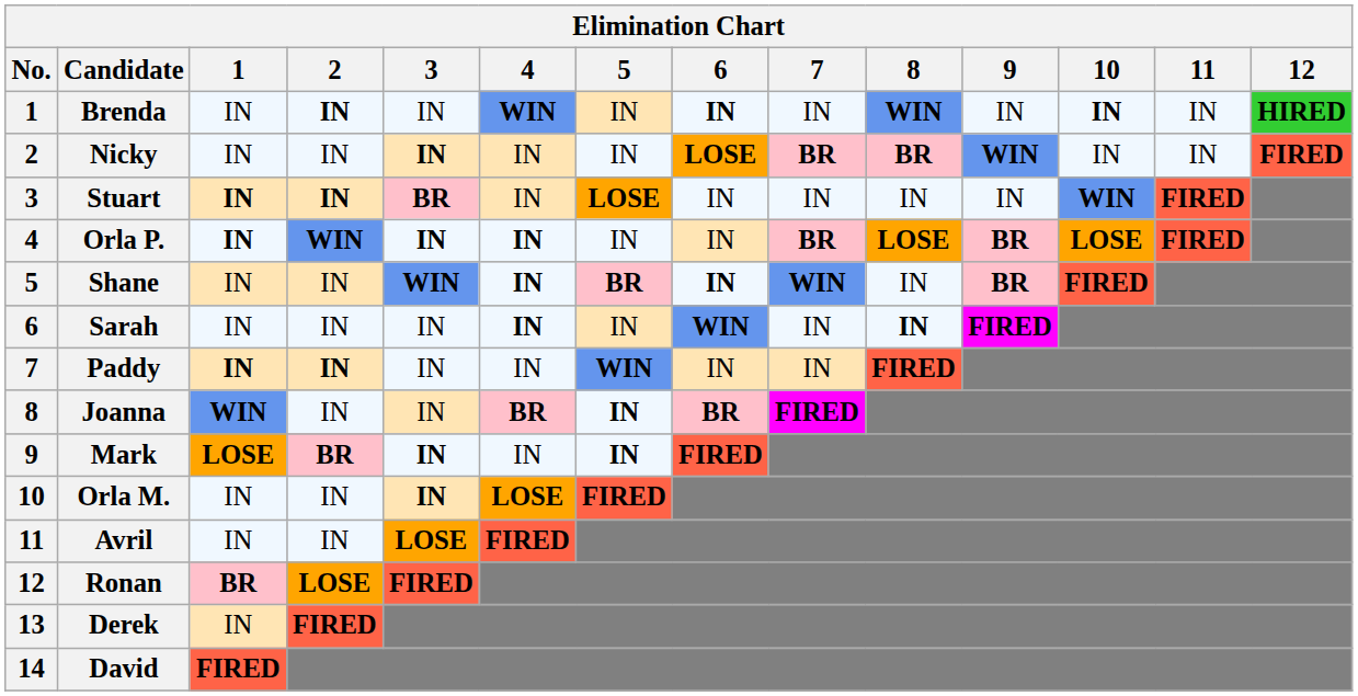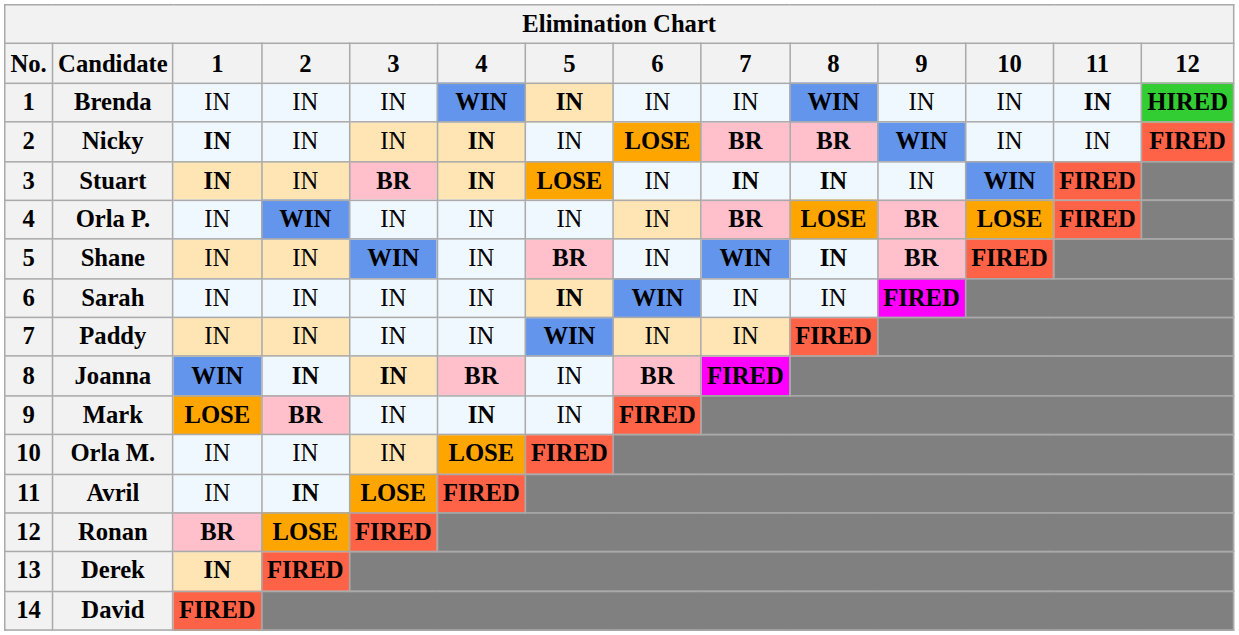 <table class="wikitable" style="text-align:center">
 <tr>
 <th colspan="14">Elimination Chart</th>
 </tr>
 <tr>
 <th>No.</th>
 <th>Candidate</th>
 <th>1</th>
 <th>2</th>
 <th>3</th>
 <th>4</th>
 <th>5</th>
 <th>6</th>
 <th>7</th>
 <th>8</th>
 <th>9</th>
 <th>10</th>
 <th>11</th>
 <th>12</th>
 </tr>
 <tr>
 <th>1</th>
 <th>Brenda</th>
 <td style="background:#f0f8ff;">IN</td>
-<td style="background:#f0f8ff;"><strong>IN</strong></td>
+<td style="background:#f0f8ff;">IN</td>
 <td style="background:#f0f8ff;">IN</td>
 <td style="background:cornflowerblue;"><strong>WIN</strong></td>
-<td style="background:#ffe5b4;">IN</td>
-<td style="background:#f0f8ff;"><strong>IN</strong></td>
+<td style="background:#ffe5b4;"><strong>IN</strong></td>
+<td style="background:#f0f8ff;">IN</td>
 <td style="background:#f0f8ff;">IN</td>
 <td style="background:cornflowerblue;"><strong>WIN</strong></td>
 <td style="background:#f0f8ff;">IN</td>
+<td style="background:#f0f8ff;">IN</td>
 <td style="background:#f0f8ff;"><strong>IN</strong></td>
-<td style="background:#f0f8ff;">IN</td>
 <td style="background:limegreen;"><strong>HIRED</strong></td>
 </tr>
 <tr>
 <th>2</th>
 <th>Nicky</th>
+<td style="background:#f0f8ff;"><strong>IN</strong></td>
 <td style="background:#f0f8ff;">IN</td>
-<td style="background:#f0f8ff;">IN</td>
+<td style="background:#ffe5b4;">IN</td>
 <td style="background:#ffe5b4;"><strong>IN</strong></td>
-<td style="background:#ffe5b4;">IN</td>
 <td style="background:#f0f8ff;">IN</td>
 <td style="background:orange;"><strong>LOSE</strong></td>
 <td style="background:pink;"><strong>BR</strong></td>
 <td style="background:pink;"><strong>BR</strong></td>
 <td style="background:cornflowerblue;"><strong>WIN</strong></td>
 <td style="background:#f0f8ff;">IN</td>
 <td style="background:#f0f8ff;">IN</td>
 <td style="background:tomato;"><strong>FIRED</strong></td>
 </tr>
 <tr>
 <th>3</th>
 <th>Stuart</th>
 <td style="background:#ffe5b4;"><strong>IN</strong></td>
+<td style="background:#ffe5b4;">IN</td>
+<td style="background:pink;"><strong>BR</strong></td>
 <td style="background:#ffe5b4;"><strong>IN</strong></td>
-<td style="background:pink;"><strong>BR</strong></td>
-<td style="background:#ffe5b4;">IN</td>
 <td style="background:orange;"><strong>LOSE</strong></td>
 <td style="background:#f0f8ff;">IN</td>
-<td style="background:#f0f8ff;">IN</td>
-<td style="background:#f0f8ff;">IN</td>
+<td style="background:#f0f8ff;"><strong>IN</strong></td>
+<td style="background:#f0f8ff;"><strong>IN</strong></td>
 <td style="background:#f0f8ff;">IN</td>
 <td style="background:cornflowerblue;"><strong>WIN</strong></td>
 <td style="background:tomato;"><strong>FIRED</strong></td>
 <td colspan="9" style="background:gray;"></td>
 </tr>
 <tr>
 <th>4</th>
 <th>Orla P.</th>
-<td style="background:#f0f8ff;"><strong>IN</strong></td>
+<td style="background:#f0f8ff;">IN</td>
 <td style="background:cornflowerblue;"><strong>WIN</strong></td>
-<td style="background:#f0f8ff;"><strong>IN</strong></td>
-<td style="background:#f0f8ff;"><strong>IN</strong></td>
+<td style="background:#f0f8ff;">IN</td>
+<td style="background:#f0f8ff;">IN</td>
 <td style="background:#f0f8ff;">IN</td>
 <td style="background:#ffe5b4;">IN</td>
 <td style="background:pink;"><strong>BR</strong></td>
 <td style="background:orange;"><strong>LOSE</strong></td>
 <td style="background:pink;"><strong>BR</strong></td>
 <td style="background:orange;"><strong>LOSE</strong></td>
 <td style="background:tomato;"><strong>FIRED</strong></td>
 <td colspan="9" style="background:gray;"></td>
 </tr>
 <tr>
 <th>5</th>
 <th>Shane</th>
 <td style="background:#ffe5b4;">IN</td>
 <td style="background:#ffe5b4;">IN</td>
 <td style="background:cornflowerblue;"><strong>WIN</strong></td>
+<td style="background:#f0f8ff;">IN</td>
+<td style="background:pink;"><strong>BR</strong></td>
+<td style="background:#f0f8ff;">IN</td>
+<td style="background:cornflowerblue;"><strong>WIN</strong></td>
 <td style="background:#f0f8ff;"><strong>IN</strong></td>
-<td style="background:pink;"><strong>BR</strong></td>
-<td style="background:#f0f8ff;"><strong>IN</strong></td>
-<td style="background:cornflowerblue;"><strong>WIN</strong></td>
-<td style="background:#f0f8ff;">IN</td>
 <td style="background:pink;"><strong>BR</strong></td>
 <td style="background:tomato;"><strong>FIRED</strong></td>
 <td colspan="9" style="background:gray;"></td>
 </tr>
 <tr>
 <th>6</th>
 <th>Sarah</th>
 <td style="background:#f0f8ff;">IN</td>
 <td style="background:#f0f8ff;">IN</td>
 <td style="background:#f0f8ff;">IN</td>
-<td style="background:#f0f8ff;"><strong>IN</strong></td>
-<td style="background:#ffe5b4;">IN</td>
+<td style="background:#f0f8ff;">IN</td>
+<td style="background:#ffe5b4;"><strong>IN</strong></td>
 <td style="background:cornflowerblue;"><strong>WIN</strong></td>
 <td style="background:#f0f8ff;">IN</td>
-<td style="background:#f0f8ff;"><strong>IN</strong></td>
+<td style="background:#f0f8ff;">IN</td>
 <td style="background:magenta;"><strong>FIRED</strong></td>
 <td colspan="9" style="background:gray;"></td>
 </tr>
 <tr>
 <th>7</th>
 <th>Paddy</th>
-<td style="background:#ffe5b4;"><strong>IN</strong></td>
-<td style="background:#ffe5b4;"><strong>IN</strong></td>
+<td style="background:#ffe5b4;">IN</td>
+<td style="background:#ffe5b4;">IN</td>
 <td style="background:#f0f8ff;">IN</td>
 <td style="background:#f0f8ff;">IN</td>
 <td style="background:cornflowerblue;"><strong>WIN</strong></td>
 <td style="background:#ffe5b4;">IN</td>
 <td style="background:#ffe5b4;">IN</td>
 <td style="background:tomato;"><strong>FIRED</strong></td>
 <td colspan="9" style="background:gray;"></td>
 </tr>
 <tr>
 <th>8</th>
 <th>Joanna</th>
 <td style="background:cornflowerblue;"><strong>WIN</strong></td>
+<td style="background:#f0f8ff;"><strong>IN</strong></td>
+<td style="background:#ffe5b4;"><strong>IN</strong></td>
+<td style="background:pink;"><strong>BR</strong></td>
 <td style="background:#f0f8ff;">IN</td>
-<td style="background:#ffe5b4;">IN</td>
-<td style="background:pink;"><strong>BR</strong></td>
-<td style="background:#f0f8ff;"><strong>IN</strong></td>
 <td style="background:pink;"><strong>BR</strong></td>
 <td style="background:magenta;"><strong>FIRED</strong></td>
 <td colspan="9" style="background:gray;"></td>
 </tr>
 <tr>
 <th>9</th>
 <th>Mark</th>
 <td style="background:orange;"><strong>LOSE</strong></td>
 <td style="background:pink;"><strong>BR</strong></td>
+<td style="background:#f0f8ff;">IN</td>
 <td style="background:#f0f8ff;"><strong>IN</strong></td>
 <td style="background:#f0f8ff;">IN</td>
-<td style="background:#f0f8ff;"><strong>IN</strong></td>
 <td style="background:tomato;"><strong>FIRED</strong></td>
 <td colspan="9" style="background:gray;"></td>
 </tr>
 <tr>
 <th>10</th>
 <th>Orla M.</th>
 <td style="background:#f0f8ff;">IN</td>
 <td style="background:#f0f8ff;">IN</td>
-<td style="background:#ffe5b4;"><strong>IN</strong></td>
+<td style="background:#ffe5b4;">IN</td>
 <td style="background:orange;"><strong>LOSE</strong></td>
 <td style="background:tomato;"><strong>FIRED</strong></td>
 <td colspan="9" style="background:gray;"></td>
 </tr>
 <tr>
 <th>11</th>
 <th>Avril</th>
 <td style="background:#f0f8ff;">IN</td>
-<td style="background:#f0f8ff;">IN</td>
+<td style="background:#f0f8ff;"><strong>IN</strong></td>
 <td style="background:orange;"><strong>LOSE</strong></td>
 <td style="background:tomato;"><strong>FIRED</strong></td>
 <td colspan="10" style="background:gray;"></td>
 </tr>
 <tr>
 <th>12</th>
 <th>Ronan</th>
 <td style="background:pink;"><strong>BR</strong></td>
 <td style="background:orange;"><strong>LOSE</strong></td>
 <td style="background:tomato;"><strong>FIRED</strong></td>
 <td colspan="11" style="background:gray;"></td>
 </tr>
 <tr>
 <th>13</th>
 <th>Derek</th>
-<td style="background:#ffe5b4;">IN</td>
+<td style="background:#ffe5b4;"><strong>IN</strong></td>
 <td style="background:tomato;"><strong>FIRED</strong></td>
 <td colspan="10" style="background:gray;"></td>
 </tr>
 <tr>
 <th>14</th>
 <th>David</th>
 <td style="background:tomato;"><strong>FIRED</strong></td>
 <td colspan="11" style="background:gray;"></td>
 </tr>
 </table>
